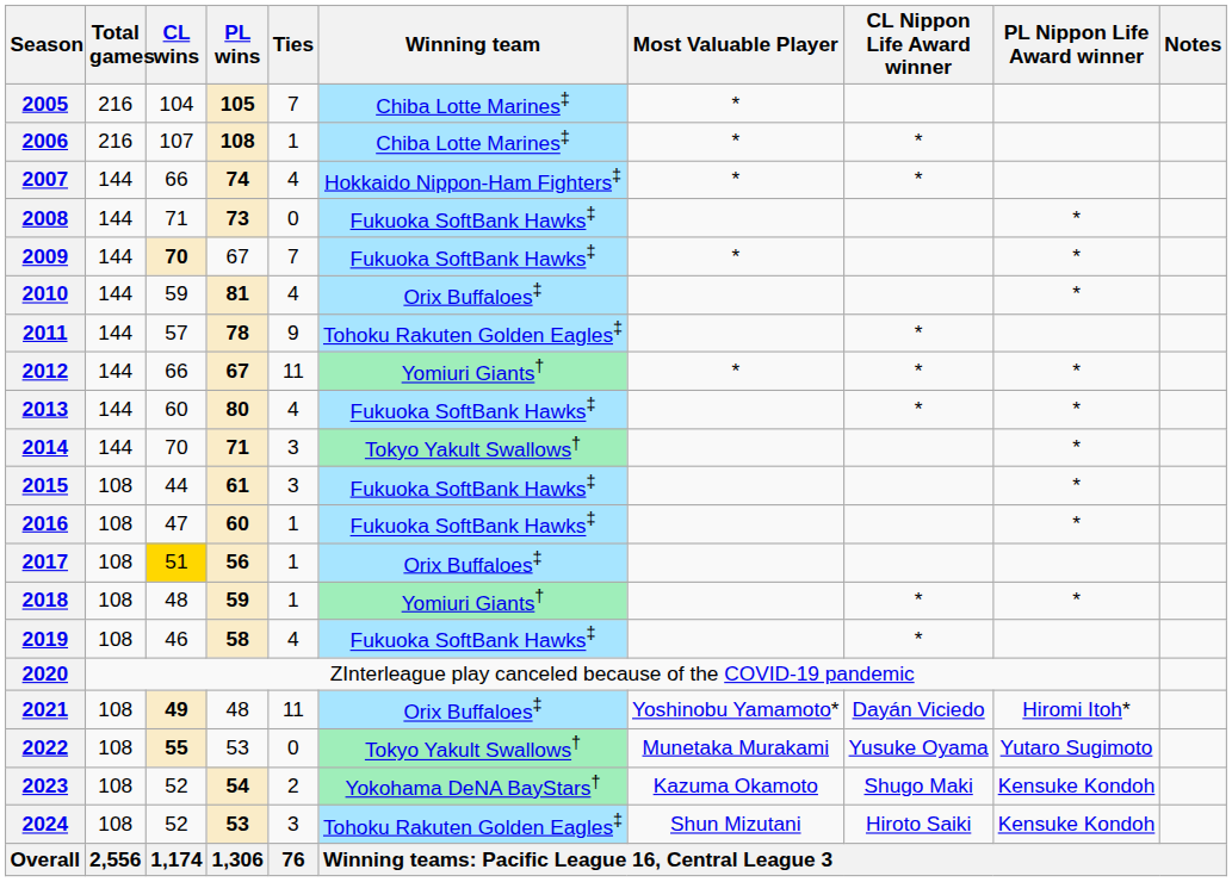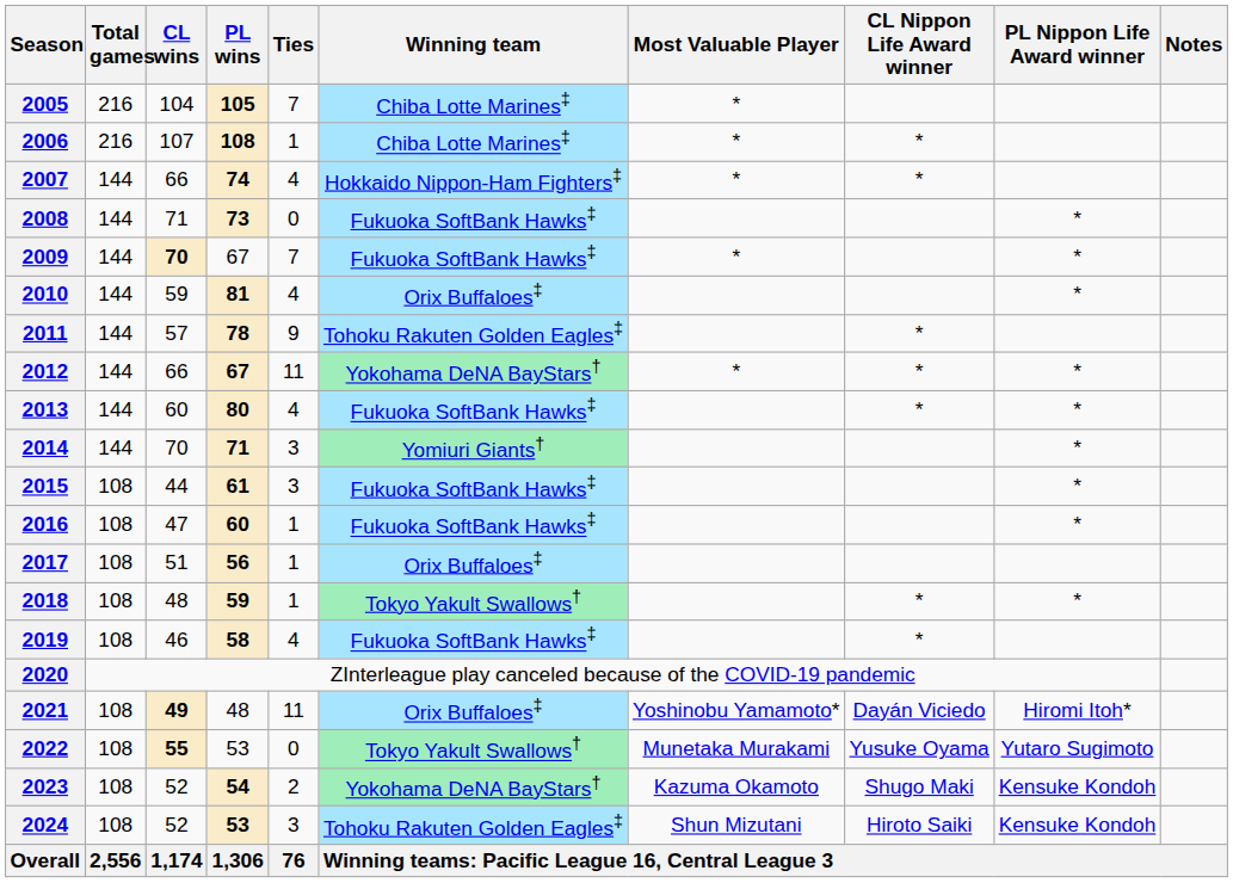 <table class="wikitable sortable plainrowheaders" style="text-align:center" border="1">
 <tr>
 <th scope="col" style=max-width:3em>Season</th>
 <th scope="col" style=max-width:2em>Total games</th>
 <th scope="col" style=max-width:2em><a href='#'>CL</a> wins</th>
 <th scope="col" style=max-width:2em><a href='#'>PL</a> wins</th>
 <th scope="col" style=max-width:2em>Ties</th>
 <th scope="col">Winning team</th>
 <th scope="col">Most Valuable Player</th>
 <th scope="col" style=max-width:5em>CL Nippon Life Award winner</th>
 <th scope="col" style=max-width:5em>PL Nippon Life Award winner</th>
 <th scope="col">Notes</th>
 </tr>
 <tr>
 <th scope="row" style="text-align:center"><a href='#'>2005</a></th>
 <td>216</td>
 <td>104</td>
 <td style="background-color:#faecc8"><strong>105</strong></td>
 <td>7</td>
 <td style="background-color:#a7e5ff"><a href='#'>Chiba Lotte Marines</a><sup>‡</sup></td>
 <td>*</td>
 <td></td>
 <td></td>
 <td></td>
 </tr>
 <tr>
 <th scope="row" style="text-align:center"><a href='#'>2006</a></th>
 <td>216</td>
 <td>107</td>
 <td style="background-color:#faecc8"><strong>108</strong></td>
 <td>1</td>
 <td style="background-color:#a7e5ff"><a href='#'>Chiba Lotte Marines</a><sup>‡</sup></td>
 <td>*</td>
 <td>*</td>
 <td></td>
 <td></td>
 </tr>
 <tr>
 <th scope="row" style="text-align:center"><a href='#'>2007</a></th>
 <td>144</td>
 <td>66</td>
 <td style="background-color:#faecc8"><strong>74</strong></td>
 <td>4</td>
 <td style="background-color:#a7e5ff"><a href='#'>Hokkaido Nippon-Ham Fighters</a><sup>‡</sup></td>
 <td>*</td>
 <td>*</td>
 <td></td>
 <td></td>
 </tr>
 <tr>
 <th scope="row" style="text-align:center"><a href='#'>2008</a></th>
 <td>144</td>
 <td>71</td>
 <td style="background-color:#faecc8"><strong>73</strong></td>
 <td>0</td>
 <td style="background-color:#a7e5ff"><a href='#'>Fukuoka SoftBank Hawks</a><sup>‡</sup></td>
 <td></td>
 <td> </td>
 <td>*</td>
 <td></td>
 </tr>
 <tr>
 <th scope="row" style="text-align:center"><a href='#'>2009</a></th>
 <td>144</td>
 <td style="background-color:#faecc8"><strong>70</strong></td>
 <td>67</td>
 <td>7</td>
 <td style="background-color:#a7e5ff"><a href='#'>Fukuoka SoftBank Hawks</a><sup>‡</sup></td>
 <td>*</td>
 <td></td>
 <td>*</td>
 <td></td>
 </tr>
 <tr>
 <th scope="row" style="text-align:center"><a href='#'>2010</a></th>
 <td>144</td>
 <td>59</td>
 <td style="background-color:#faecc8"><strong>81</strong></td>
 <td>4</td>
 <td style="background-color:#a7e5ff"><a href='#'>Orix Buffaloes</a><sup>‡</sup></td>
 <td></td>
 <td></td>
 <td>*</td>
 <td></td>
 </tr>
 <tr>
 <th scope="row" style="text-align:center"><a href='#'>2011</a></th>
 <td>144</td>
 <td>57</td>
 <td style="background-color:#faecc8"><strong>78</strong></td>
 <td>9</td>
 <td style="background-color:#a7e5ff"><a href='#'>Tohoku Rakuten Golden Eagles</a><sup>‡</sup></td>
 <td></td>
 <td>*</td>
 <td></td>
 <td></td>
 </tr>
 <tr>
 <th scope="row" style="text-align:center"><a href='#'>2012</a></th>
 <td>144</td>
 <td>66</td>
 <td style="background-color:#faecc8"><strong>67</strong></td>
 <td>11</td>
-<td style="background-color:#9feeba"><a href='#'>Yomiuri Giants</a><sup>†</sup></td>
+<td style="background-color:#9feeba"><a href='#'>Yokohama DeNA BayStars</a><sup>†</sup></td>
 <td>*</td>
 <td>*</td>
 <td>*</td>
 <td></td>
 </tr>
 <tr>
 <th scope="row" style="text-align:center"><a href='#'>2013</a></th>
 <td>144</td>
 <td>60</td>
 <td style="background-color:#faecc8"><strong>80</strong></td>
 <td>4</td>
 <td style="background-color:#a7e5ff"><a href='#'>Fukuoka SoftBank Hawks</a><sup>‡</sup></td>
 <td></td>
 <td>*</td>
 <td>*</td>
 <td></td>
 </tr>
 <tr>
 <th scope="row" style="text-align:center"><a href='#'>2014</a></th>
 <td>144</td>
 <td>70</td>
 <td style="background-color:#faecc8"><strong>71</strong></td>
 <td>3</td>
-<td style="background-color:#9feeba"><a href='#'>Tokyo Yakult Swallows</a><sup>†</sup></td>
+<td style="background-color:#9feeba"><a href='#'>Yomiuri Giants</a><sup>†</sup></td>
 <td></td>
 <td></td>
 <td>*</td>
 <td></td>
 </tr>
 <tr>
 <th scope="row" style="text-align:center"><a href='#'>2015</a></th>
 <td>108</td>
 <td>44</td>
 <td style="background-color:#faecc8"><strong>61</strong></td>
 <td>3</td>
 <td style="background-color:#a7e5ff"><a href='#'>Fukuoka SoftBank Hawks</a><sup>‡</sup></td>
 <td></td>
 <td></td>
 <td>*</td>
 <td></td>
 </tr>
 <tr>
 <th scope="row" style="text-align:center"><a href='#'>2016</a></th>
 <td>108</td>
 <td>47</td>
 <td style="background-color:#faecc8"><strong>60</strong></td>
 <td>1</td>
 <td style="background-color:#a7e5ff"><a href='#'>Fukuoka SoftBank Hawks</a><sup>‡</sup></td>
 <td></td>
 <td></td>
 <td>*</td>
 <td></td>
 </tr>
 <tr>
 <th scope="row" style="text-align:center"><a href='#'>2017</a></th>
 <td>108</td>
-<td style="background: gold;">51</td>
+<td>51</td>
 <td style="background-color:#faecc8"><strong>56</strong></td>
 <td>1</td>
 <td style="background-color:#a7e5ff"><a href='#'>Orix Buffaloes</a><sup>‡</sup></td>
 <td> </td>
 <td></td>
 <td></td>
 <td></td>
 </tr>
 <tr>
 <th scope="row" style="text-align:center"><a href='#'>2018</a></th>
 <td>108</td>
 <td>48</td>
 <td style="background-color:#faecc8"><strong>59</strong></td>
 <td>1</td>
-<td style="background-color:#9feeba"><a href='#'>Yomiuri Giants</a><sup>†</sup></td>
+<td style="background-color:#9feeba"><a href='#'>Tokyo Yakult Swallows</a><sup>†</sup></td>
 <td></td>
 <td>*</td>
 <td>*</td>
 <td></td>
 </tr>
 <tr>
 <th scope="row" style="text-align:center"><a href='#'>2019</a></th>
 <td>108</td>
 <td>46</td>
 <td style="background-color:#faecc8"><strong>58</strong></td>
 <td>4</td>
 <td style="background-color:#a7e5ff"><a href='#'>Fukuoka SoftBank Hawks</a><sup>‡</sup></td>
 <td></td>
 <td>*</td>
 <td></td>
 <td></td>
 </tr>
 <tr>
 <th scope="row" style="text-align:center"><a href='#'>2020</a></th>
 <td colspan=8><span>Z</span>Interleague play canceled because of the <a href='#'>COVID-19 pandemic</a></td>
 <td></td>
 </tr>
 <tr>
 <th scope="row" style="text-align:center"><a href='#'>2021</a></th>
 <td>108</td>
 <td style="background-color:#faecc8"><strong>49</strong></td>
 <td>48</td>
 <td>11</td>
 <td style="background-color:#a7e5ff"><a href='#'>Orix Buffaloes</a><sup>‡</sup></td>
 <td><a href='#'>Yoshinobu Yamamoto</a>*</td>
 <td><a href='#'>Dayán Viciedo</a></td>
 <td><a href='#'>Hiromi Itoh</a>*</td>
 <td></td>
 </tr>
 <tr>
 <th scope="row" style="text-align:center"><a href='#'>2022</a></th>
 <td>108</td>
 <td style="background-color:#faecc8"><strong>55</strong></td>
 <td>53</td>
 <td>0</td>
 <td style="background-color:#9feeba"><a href='#'>Tokyo Yakult Swallows</a><sup>†</sup></td>
 <td><a href='#'>Munetaka Murakami</a></td>
 <td><a href='#'>Yusuke Oyama</a></td>
 <td><a href='#'>Yutaro Sugimoto</a></td>
 <td></td>
 </tr>
 <tr>
 <th scope="row" style="text-align:center"><a href='#'>2023</a></th>
 <td>108</td>
 <td>52</td>
 <td style="background-color:#faecc8"><strong>54</strong></td>
 <td>2</td>
 <td style="background-color:#9feeba"><a href='#'>Yokohama DeNA BayStars</a><sup>†</sup></td>
 <td><a href='#'>Kazuma Okamoto</a></td>
 <td><a href='#'>Shugo Maki</a></td>
 <td><a href='#'>Kensuke Kondoh</a></td>
 <td></td>
 </tr>
 <tr>
 <th scope="row" style="text-align:center"><a href='#'>2024</a></th>
 <td>108</td>
 <td>52</td>
 <td style="background-color:#faecc8"><strong>53</strong></td>
 <td>3</td>
 <td style="background-color:#a7e5ff"><a href='#'>Tohoku Rakuten Golden Eagles</a><sup>‡</sup></td>
 <td><a href='#'>Shun Mizutani</a></td>
 <td><a href='#'>Hiroto Saiki</a></td>
 <td><a href='#'>Kensuke Kondoh</a></td>
 <td></td>
 </tr>
 <tr>
 <th>Overall</th>
 <th>2,556</th>
 <th>1,174</th>
 <th>1,306</th>
 <th>76</th>
 <th colspan="5" style="text-align:left;">Winning teams: Pacific League 16, Central League 3</th>
 </tr>
 </table>
